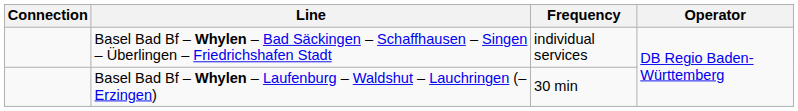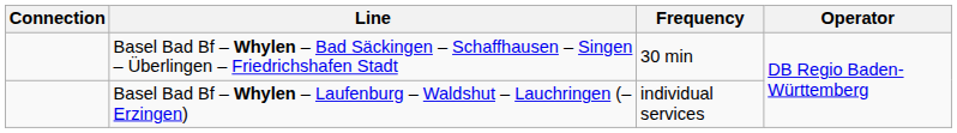 <table class="wikitable">
 <tr>
 <th>Connection</th>
 <th>Line</th>
 <th>Frequency</th>
 <th>Operator</th>
 </tr>
 <tr>
 <td align="center"></td>
 <td>Basel Bad Bf – <strong>Whylen</strong> – <a href='#'>Bad Säckingen</a> – <a href='#'>Schaffhausen</a> – <a href='#'>Singen</a> – Überlingen – <a href='#'>Friedrichshafen Stadt</a></td>
-<td>individual services</td>
+<td>30 min</td>
 <td rowspan="2"><a href='#'>DB Regio Baden-Württemberg</a></td>
 </tr>
 <tr>
 <td align="center"></td>
 <td>Basel Bad Bf – <strong>Whylen</strong> – <a href='#'>Laufenburg</a> – <a href='#'>Waldshut</a> – <a href='#'>Lauchringen</a> (– <a href='#'>Erzingen</a>)</td>
-<td>30 min</td>
+<td>individual services</td>
 </tr>
 </table>
